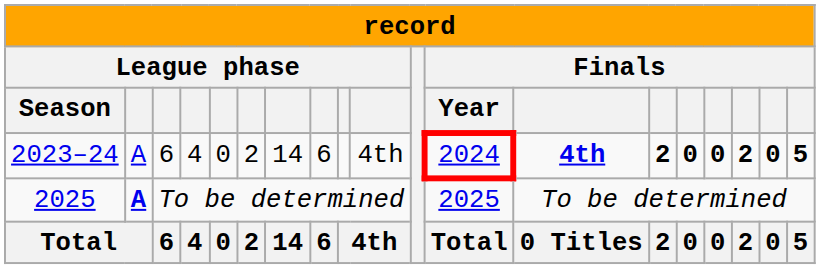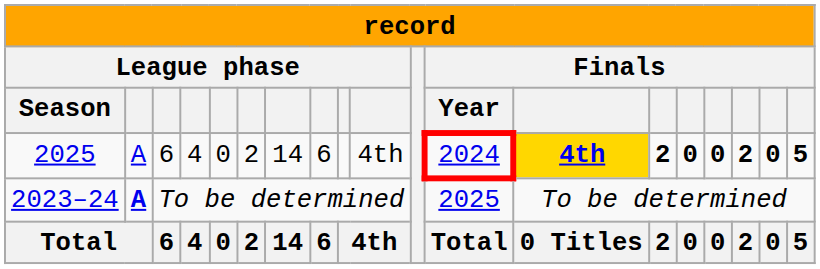 <table class="wikitable" style="text-align:center">
 <tr>
 <th colspan=22 style="color:black;background:orange"><a href='#'></a> record</th>
 </tr>
 <tr>
 <th colspan=10>League phase</th>
 <th rowspan=99></th>
 <th colspan=11>Finals</th>
 </tr>
 <tr>
 <th>Season</th>
 <th></th>
 <th></th>
 <th></th>
 <th></th>
 <th></th>
 <th></th>
 <th></th>
 <th></th>
 <th></th>
 <th>Year</th>
 <th></th>
 <th></th>
 <th></th>
 <th></th>
 <th></th>
 <th></th>
 <th></th>
 </tr>
 <tr>
-<td><a href='#'>2023–24</a></td>
+<td><a href='#'>2025</a></td>
 <td><a href='#'>A</a></td>
 <td>6</td>
 <td>4</td>
 <td>0</td>
 <td>2</td>
 <td>14</td>
 <td>6</td>
 <td></td>
 <td>4th</td>
 <td style="border: 3px solid red">   <a href='#'>2024</a></td>
-<td><strong><a href='#'>4th</a></strong></td>
+<td style="background: gold;"><strong><a href='#'>4th</a></strong></td>
 <td><strong>2</strong></td>
 <td><strong>0</strong></td>
 <td><strong>0</strong></td>
 <td><strong>2</strong></td>
 <td><strong>0</strong></td>
 <td><strong>5</strong></td>
 </tr>
 <tr>
-<td><a href='#'>2025</a></td>
+<td><a href='#'>2023–24</a></td>
 <td><strong><a href='#'>A</a></strong></td>
 <td colspan=8><em>To be determined</em></td>
 <td><a href='#'>2025</a></td>
 <td colspan=8><em>To be determined</em></td>
 </tr>
 <tr>
 <th colspan=2>Total</th>
 <th>6</th>
 <th>4</th>
 <th>0</th>
 <th>2</th>
 <th>14</th>
 <th>6</th>
 <th colspan="2">4th</th>
 <th>Total</th>
 <th>0 Titles</th>
 <th>2</th>
 <th>0</th>
 <th>0</th>
 <th>2</th>
 <th>0</th>
 <th>5</th>
 </tr>
 </table>
